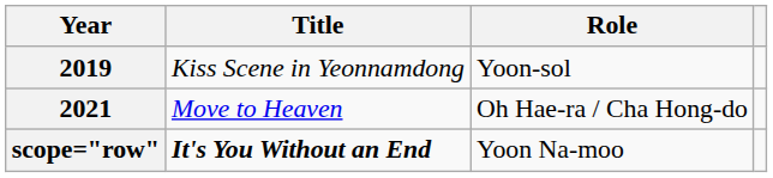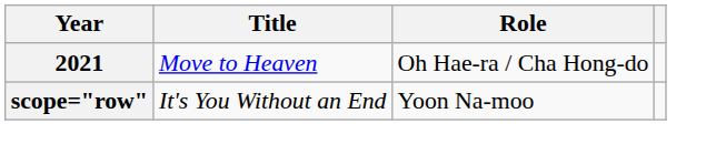 <table class="wikitable sortable plainrowheaders">
 <tr>
 <th scope="col">Year</th>
 <th scope="col">Title</th>
 <th scope="col">Role</th>
 <th scope="col" class="unsortable"></th>
-</tr>
-<tr>
-<th scope="row">2019</th>
-<td><em>Kiss Scene in Yeonnamdong</em></td>
-<td>Yoon-sol</td>
-<td></td>
 </tr>
 <tr>
 <th scope="row">2021</th>
 <td><em><a href='#'>Move to Heaven</a></em></td>
 <td>Oh Hae-ra / Cha Hong-do</td>
 <td></td>
 </tr>
 <tr>
 <th>scope="row"  </th>
-<td><strong><em>It's You Without an End</strong></td>
+<td><em>It's You Without an End</td>
 <td>Yoon Na-moo</td>
 <td></td>
 </tr>
 </table>
